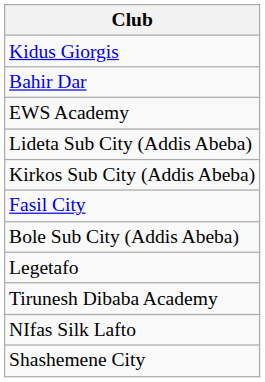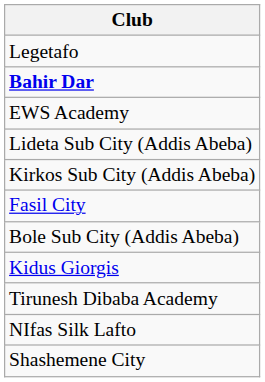 <table class="wikitable">
 <tr>
 <th>Club</th>
 </tr>
 <tr>
-<td><a href='#'>Kidus Giorgis</a></td>
+<td>Legetafo</td>
 </tr>
 <tr>
-<td><a href='#'>Bahir Dar</a></td>
+<td><strong><a href='#'>Bahir Dar</a></strong></td>
 </tr>
 <tr>
 <td>EWS Academy</td>
 </tr>
 <tr>
 <td>Lideta Sub City (Addis Abeba)</td>
 </tr>
 <tr>
 <td>Kirkos Sub City (Addis Abeba)</td>
 </tr>
 <tr>
 <td><a href='#'>Fasil City</a></td>
 </tr>
 <tr>
 <td>Bole Sub City (Addis Abeba)</td>
 </tr>
 <tr>
-<td>Legetafo</td>
+<td><a href='#'>Kidus Giorgis</a></td>
 </tr>
 <tr>
 <td>Tirunesh Dibaba Academy</td>
 </tr>
 <tr>
 <td>NIfas Silk Lafto</td>
 </tr>
 <tr>
 <td>Shashemene City</td>
 </tr>
 </table>
